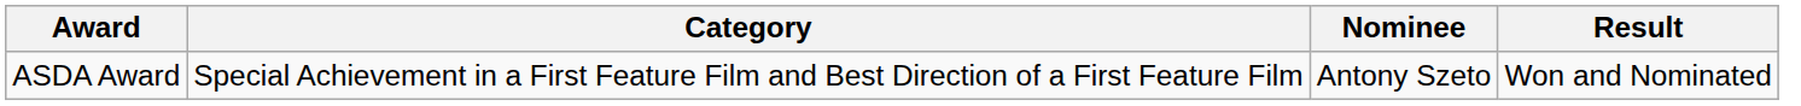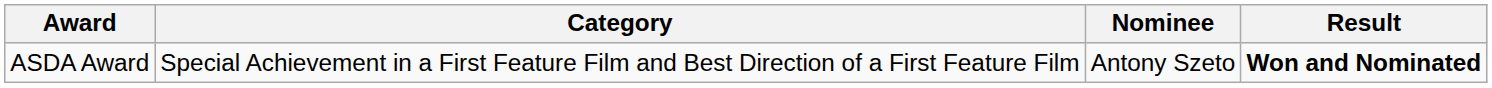 <table class="wikitable sortable">
 <tr>
 <th>Award</th>
 <th>Category</th>
 <th>Nominee</th>
 <th>Result</th>
 </tr>
 <tr>
 <td rowspan="2">ASDA Award</td>
 <td>Special Achievement in a First Feature Film and Best Direction of a First Feature Film</td>
 <td>Antony Szeto</td>
-<td>Won and Nominated</td>
+<td><strong>Won and Nominated</strong></td>
 </tr>
 </table>
